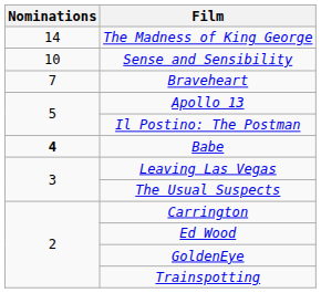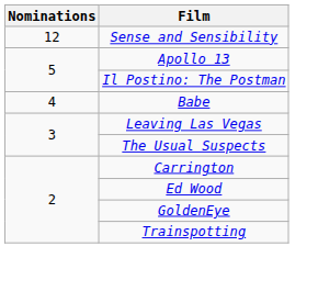 <table class="wikitable" style="text-align:center;">
 <tr>
 <th style="background:">Nominations</th>
 <th style="background:">Film</th>
 </tr>
 <tr>
-<td>14</td>
-<td><em><a href='#'>The Madness of King George</a></em></td>
-</tr>
-<tr>
-<td>10</td>
+<td>12</td>
 <td><em><a href='#'>Sense and Sensibility</a></em></td>
-</tr>
-<tr>
-<td>7</td>
-<td><em><a href='#'>Braveheart</a></em></td>
 </tr>
 <tr>
 <td rowspan="2">5</td>
 <td><em><a href='#'>Apollo 13</a></em></td>
 </tr>
 <tr>
 <td><em><a href='#'>Il Postino: The Postman</a></em></td>
 </tr>
 <tr>
-<td><strong>4</strong></td>
+<td>4</td>
 <td><em><a href='#'>Babe</a></em></td>
 </tr>
 <tr>
 <td rowspan="2">3</td>
 <td><em><a href='#'>Leaving Las Vegas</a></em></td>
 </tr>
 <tr>
 <td><em><a href='#'>The Usual Suspects</a></em></td>
 </tr>
 <tr>
 <td rowspan="4">2</td>
 <td><em><a href='#'>Carrington</a></em></td>
 </tr>
 <tr>
 <td><em><a href='#'>Ed Wood</a></em></td>
 </tr>
 <tr>
 <td><em><a href='#'>GoldenEye</a></em></td>
 </tr>
 <tr>
 <td><em><a href='#'>Trainspotting</a></em></td>
 </tr>
 </table>
